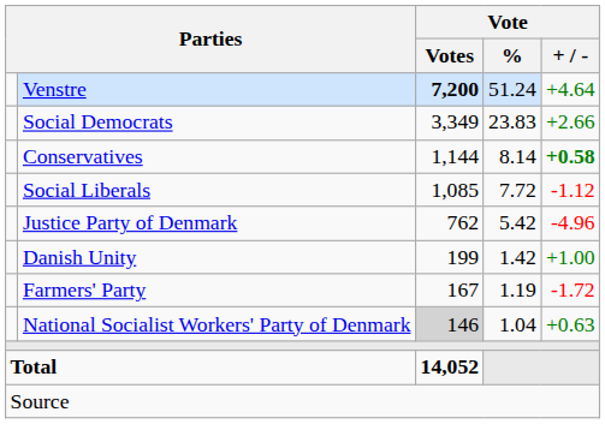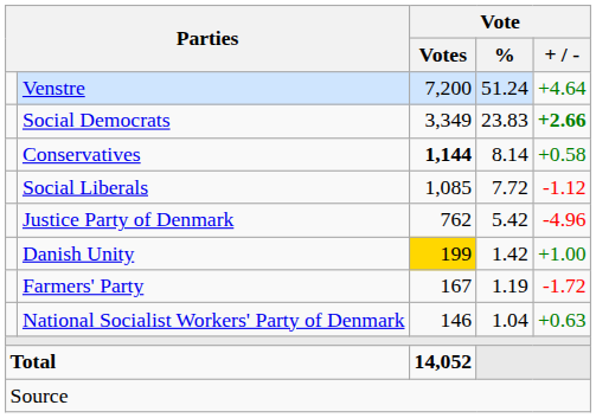 <table class="wikitable" style="text-align:right;">
 <tr>
 <th style="text-align:centre;" rowspan="2" colspan="2" width="225">Parties</th>
 <th colspan="3">Vote</th>
 </tr>
 <tr>
 <th width="15">Votes</th>
 <th width="15">%</th>
 <th width="15">+ / -</th>
 </tr>
 <tr>
 <td width="2" style="color:inherit;background:"></td>
 <td bgcolor=#cfe5fe  align="left"><a href='#'>Venstre</a></td>
-<td bgcolor=#cfe5fe><strong>7,200</strong></td>
+<td bgcolor=#cfe5fe>7,200</td>
 <td bgcolor=#cfe5fe>51.24</td>
 <td style=color:green;>+4.64</td>
 </tr>
 <tr>
 <td width="2" style="color:inherit;background:"></td>
 <td align="left"><a href='#'>Social Democrats</a></td>
 <td>3,349</td>
 <td>23.83</td>
-<td style=color:green;>+2.66</td>
+<td style=color:green;><strong>+2.66</strong></td>
 </tr>
 <tr>
 <td width="2" style="color:inherit;background:"></td>
 <td align="left"><a href='#'>Conservatives</a></td>
-<td>1,144</td>
+<td><strong>1,144</strong></td>
 <td>8.14</td>
-<td style=color:green;><strong>+0.58</strong></td>
+<td style=color:green;>+0.58</td>
 </tr>
 <tr>
 <td width="2" style="color:inherit;background:"></td>
 <td align="left"><a href='#'>Social Liberals</a></td>
 <td>1,085</td>
 <td>7.72</td>
 <td style=color:red;>-1.12</td>
 </tr>
 <tr>
 <td width="2" style="color:inherit;background:"></td>
 <td align="left"><a href='#'>Justice Party of Denmark</a></td>
 <td>762</td>
 <td>5.42</td>
 <td style=color:red;>-4.96</td>
 </tr>
 <tr>
 <td width="2" style="color:inherit;background:"></td>
 <td align="left"><a href='#'>Danish Unity</a></td>
-<td>199</td>
+<td style="background: gold;">199</td>
 <td>1.42</td>
 <td style=color:green;>+1.00</td>
 </tr>
 <tr>
 <td width="2" style="color:inherit;background:"></td>
 <td align="left"><a href='#'>Farmers' Party</a></td>
 <td>167</td>
 <td>1.19</td>
 <td style=color:red;>-1.72</td>
 </tr>
 <tr>
 <td width="2" style="color:inherit;background:"></td>
 <td align="left"><a href='#'>National Socialist Workers' Party of Denmark</a></td>
-<td style="background: lightgrey;">146</td>
+<td>146</td>
 <td>1.04</td>
 <td style=color:green;>+0.63</td>
 </tr>
 <tr>
 <td colspan="7" bgcolor="#E9E9E9"></td>
 </tr>
 <tr>
 <td align="left" colspan="2"><strong>Total</strong></td>
 <td><strong>14,052</strong></td>
 <td bgcolor="#E9E9E9" colspan="2"></td>
 </tr>
 <tr>
 <td align="left" colspan="6">Source</td>
 </tr>
 </table>
